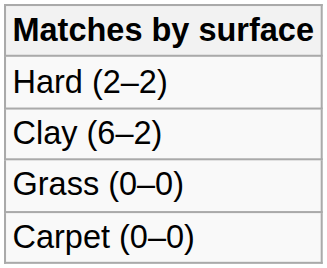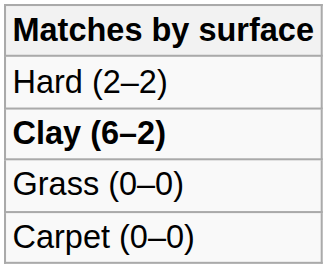 <table class=wikitable>
 <tr>
 <th>Matches by surface</th>
 </tr>
 <tr>
 <td>Hard (2–2)</td>
 </tr>
 <tr>
-<td>Clay (6–2)</td>
+<td><strong>Clay (6–2)</strong></td>
 </tr>
 <tr>
 <td>Grass (0–0)</td>
 </tr>
 <tr>
 <td>Carpet (0–0)</td>
 </tr>
 </table>
